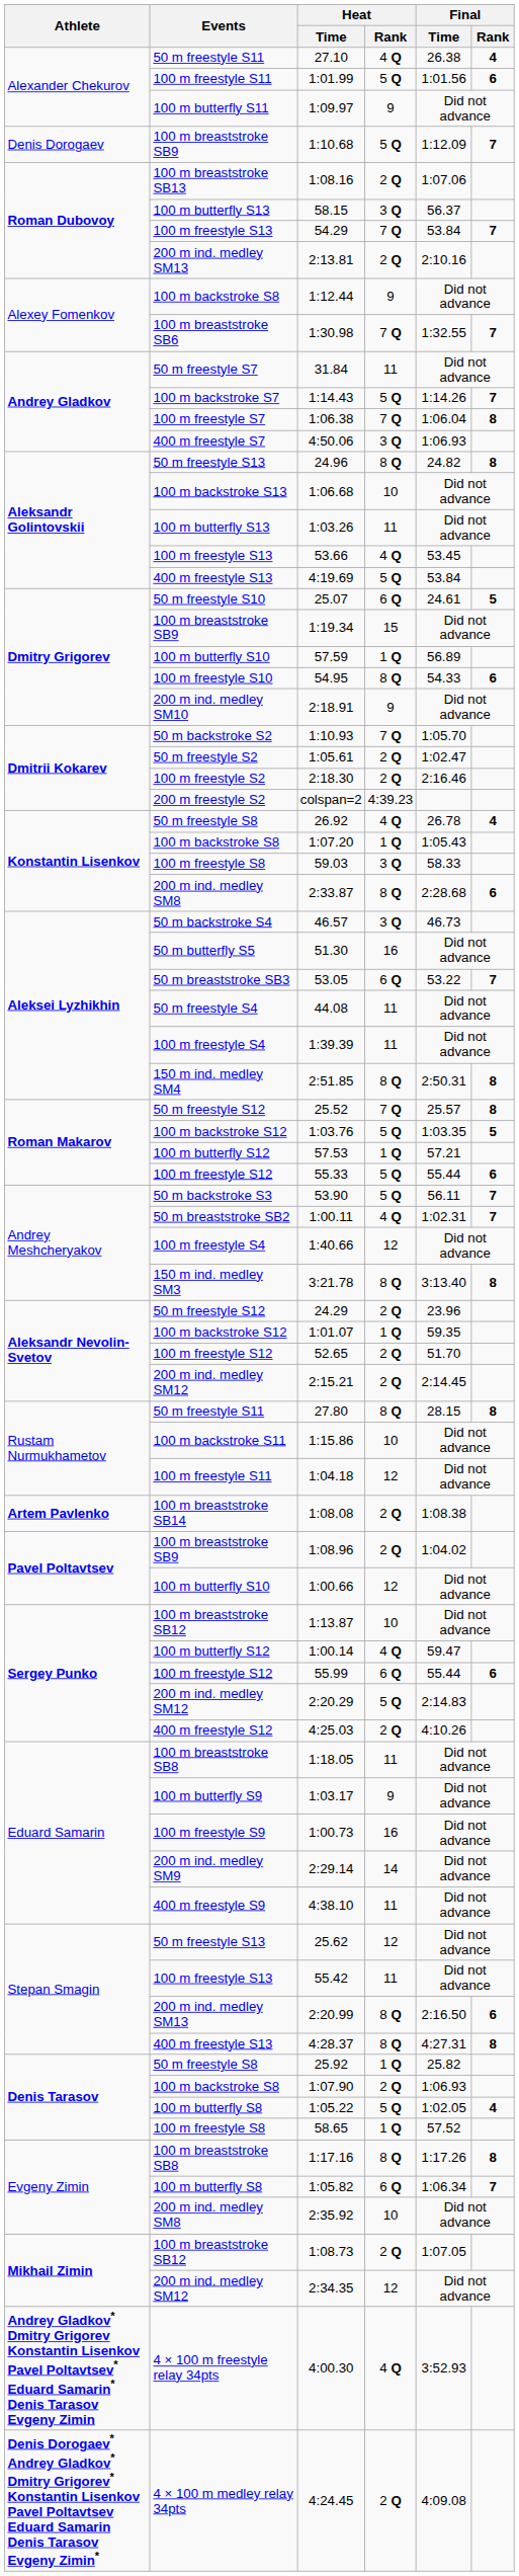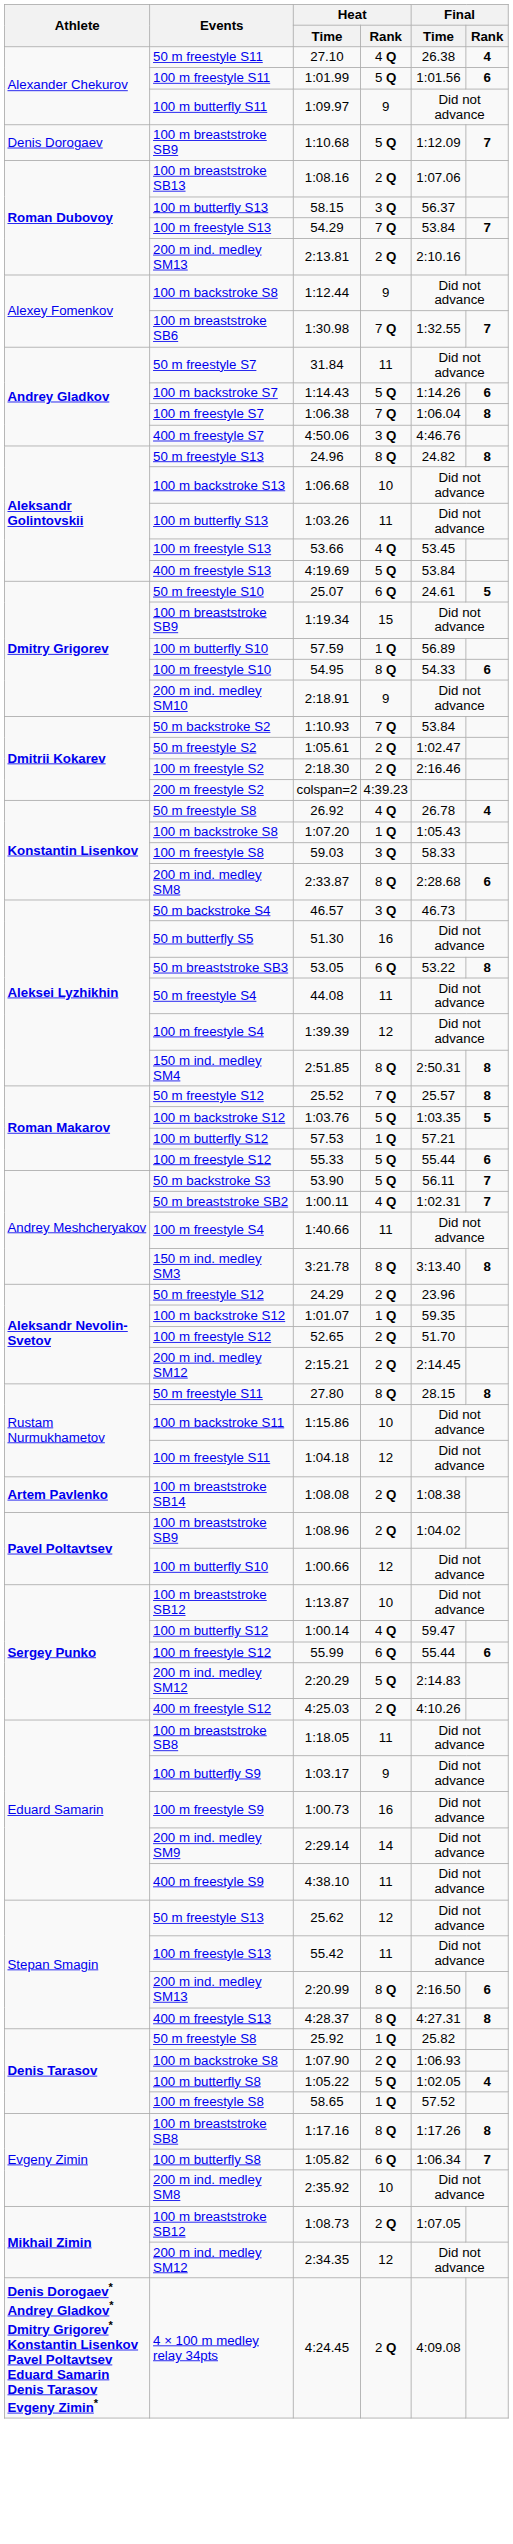 <table class=wikitable>
 <tr>
 <th rowspan="2">Athlete</th>
 <th rowspan="2">Events</th>
 <th colspan="2">Heat</th>
 <th colspan="2">Final</th>
 </tr>
 <tr>
 <th>Time</th>
 <th>Rank</th>
 <th>Time</th>
 <th>Rank</th>
 </tr>
 <tr>
 <td rowspan=3><a href='#'>Alexander Chekurov</a></td>
 <td><a href='#'>50 m freestyle S11</a></td>
 <td align="center">27.10</td>
 <td align="center">4 <strong>Q</strong></td>
 <td align="center">26.38</td>
 <td align="center"><strong>4</strong></td>
 </tr>
 <tr>
 <td><a href='#'>100 m freestyle S11</a></td>
 <td align="center">1:01.99</td>
 <td align="center">5 <strong>Q</strong></td>
 <td align="center">1:01.56</td>
 <td align="center"><strong>6</strong></td>
 </tr>
 <tr>
 <td><a href='#'>100 m butterfly S11</a></td>
 <td align="center">1:09.97</td>
 <td align="center">9</td>
 <td align="center" colspan=2>Did not advance</td>
 </tr>
 <tr>
 <td><a href='#'>Denis Dorogaev</a></td>
 <td><a href='#'>100 m breaststroke SB9</a></td>
 <td align="center">1:10.68</td>
 <td align="center">5 <strong>Q</strong></td>
 <td align="center">1:12.09</td>
 <td align="center"><strong>7</strong></td>
 </tr>
 <tr>
 <td rowspan=4><strong><a href='#'>Roman Dubovoy</a></strong></td>
 <td><a href='#'>100 m breaststroke SB13</a></td>
 <td align="center">1:08.16</td>
 <td align="center">2 <strong>Q</strong></td>
 <td align="center">1:07.06</td>
 <td align="center"></td>
 </tr>
 <tr>
 <td><a href='#'>100 m butterfly S13</a></td>
 <td align="center">58.15</td>
 <td align="center">3 <strong>Q</strong></td>
 <td align="center">56.37</td>
 <td align="center"></td>
 </tr>
 <tr>
 <td><a href='#'>100 m freestyle S13</a></td>
 <td align="center">54.29</td>
 <td align="center">7 <strong>Q</strong></td>
 <td align="center">53.84</td>
 <td align="center"><strong>7</strong></td>
 </tr>
 <tr>
 <td><a href='#'>200 m ind. medley SM13</a></td>
 <td align="center">2:13.81</td>
 <td align="center">2 <strong>Q</strong></td>
 <td align="center">2:10.16</td>
 <td align="center"></td>
 </tr>
 <tr>
 <td rowspan=2><a href='#'>Alexey Fomenkov</a></td>
 <td><a href='#'>100 m backstroke S8</a></td>
 <td align="center">1:12.44</td>
 <td align="center">9</td>
 <td align="center" colspan=2>Did not advance</td>
 </tr>
 <tr>
 <td><a href='#'>100 m breaststroke SB6</a></td>
 <td align="center">1:30.98</td>
 <td align="center">7 <strong>Q</strong></td>
 <td align="center">1:32.55</td>
 <td align="center"><strong>7</strong></td>
 </tr>
 <tr>
 <td rowspan=4><strong><a href='#'>Andrey Gladkov</a></strong></td>
 <td><a href='#'>50 m freestyle S7</a></td>
 <td align="center">31.84</td>
 <td align="center">11</td>
 <td align="center" colspan=2>Did not advance</td>
 </tr>
 <tr>
 <td><a href='#'>100 m backstroke S7</a></td>
 <td align="center">1:14.43</td>
 <td align="center">5 <strong>Q</strong></td>
 <td align="center">1:14.26</td>
-<td align="center"><strong>7</strong></td>
+<td align="center"><strong>6</strong></td>
 </tr>
 <tr>
 <td><a href='#'>100 m freestyle S7</a></td>
 <td align="center">1:06.38</td>
 <td align="center">7 <strong>Q</strong></td>
 <td align="center">1:06.04</td>
 <td align="center"><strong>8</strong></td>
 </tr>
 <tr>
 <td><a href='#'>400 m freestyle S7</a></td>
 <td align="center">4:50.06</td>
 <td align="center">3 <strong>Q</strong></td>
-<td align="center">1:06.93</td>
+<td align="center">4:46.76</td>
 <td align="center"></td>
 </tr>
 <tr>
 <td rowspan=5><strong><a href='#'>Aleksandr Golintovskii</a></strong></td>
 <td><a href='#'>50 m freestyle S13</a></td>
 <td align="center">24.96</td>
 <td align="center">8 <strong>Q</strong></td>
 <td align="center">24.82</td>
 <td align="center"><strong>8</strong></td>
 </tr>
 <tr>
 <td><a href='#'>100 m backstroke S13</a></td>
 <td align="center">1:06.68</td>
 <td align="center">10</td>
 <td align="center" colspan=2>Did not advance</td>
 </tr>
 <tr>
 <td><a href='#'>100 m butterfly S13</a></td>
 <td align="center">1:03.26</td>
 <td align="center">11</td>
 <td align="center" colspan=2>Did not advance</td>
 </tr>
 <tr>
 <td><a href='#'>100 m freestyle S13</a></td>
 <td align="center">53.66</td>
 <td align="center">4 <strong>Q</strong></td>
 <td align="center">53.45</td>
 <td align="center"></td>
 </tr>
 <tr>
 <td><a href='#'>400 m freestyle S13</a></td>
 <td align="center">4:19.69</td>
 <td align="center">5 <strong>Q</strong></td>
 <td align="center">53.84</td>
 <td align="center"></td>
 </tr>
 <tr>
 <td rowspan=5><strong><a href='#'>Dmitry Grigorev</a></strong></td>
 <td><a href='#'>50 m freestyle S10</a></td>
 <td align="center">25.07</td>
 <td align="center">6 <strong>Q</strong></td>
 <td align="center">24.61 <strong></strong></td>
 <td align="center"><strong>5</strong></td>
 </tr>
 <tr>
 <td><a href='#'>100 m breaststroke SB9</a></td>
 <td align="center">1:19.34</td>
 <td align="center">15</td>
 <td align="center" colspan=2>Did not advance</td>
 </tr>
 <tr>
 <td><a href='#'>100 m butterfly S10</a></td>
 <td align="center">57.59 <strong></strong></td>
 <td align="center">1 <strong>Q</strong></td>
 <td align="center">56.89 <strong></strong></td>
 <td align="center"></td>
 </tr>
 <tr>
 <td><a href='#'>100 m freestyle S10</a></td>
 <td align="center">54.95</td>
 <td align="center">8 <strong>Q</strong></td>
 <td align="center">54.33 <strong></strong></td>
 <td align="center"><strong>6</strong></td>
 </tr>
 <tr>
 <td><a href='#'>200 m ind. medley SM10</a></td>
 <td align="center">2:18.91</td>
 <td align="center">9</td>
 <td align="center" colspan=2>Did not advance</td>
 </tr>
 <tr>
 <td rowspan=4><strong><a href='#'>Dmitrii Kokarev</a></strong></td>
 <td><a href='#'>50 m backstroke S2</a></td>
 <td align="center">1:10.93</td>
 <td align="center">7 <strong>Q</strong></td>
-<td align="center">1:05.70</td>
+<td align="center">53.84</td>
 <td align="center"></td>
 </tr>
 <tr>
 <td><a href='#'>50 m freestyle S2</a></td>
 <td align="center">1:05.61</td>
 <td align="center">2 <strong>Q</strong></td>
 <td align="center">1:02.47</td>
 <td align="center"></td>
 </tr>
 <tr>
 <td><a href='#'>100 m freestyle S2</a></td>
 <td align="center">2:18.30</td>
 <td align="center">2 <strong>Q</strong></td>
 <td align="center">2:16.46</td>
 <td align="center"></td>
 </tr>
 <tr>
 <td><a href='#'>200 m freestyle S2</a></td>
 <td>colspan=2 </td>
 <td align="center">4:39.23</td>
 <td align="center"></td>
 </tr>
 <tr>
 <td rowspan=4><strong><a href='#'>Konstantin Lisenkov</a></strong></td>
 <td><a href='#'>50 m freestyle S8</a></td>
 <td align="center">26.92</td>
 <td align="center">4 <strong>Q</strong></td>
 <td align="center">26.78</td>
 <td align="center"><strong>4</strong></td>
 </tr>
 <tr>
 <td><a href='#'>100 m backstroke S8</a></td>
 <td align="center">1:07.20</td>
 <td align="center">1 <strong>Q</strong></td>
 <td align="center">1:05.43 <strong></strong></td>
 <td align="center"></td>
 </tr>
 <tr>
 <td><a href='#'>100 m freestyle S8</a></td>
 <td align="center">59.03</td>
 <td align="center">3 <strong>Q</strong></td>
 <td align="center">58.33</td>
 <td align="center"></td>
 </tr>
 <tr>
 <td><a href='#'>200 m ind. medley SM8</a></td>
 <td align="center">2:33.87</td>
 <td align="center">8 <strong>Q</strong></td>
 <td align="center">2:28.68</td>
 <td align="center"><strong>6</strong></td>
 </tr>
 <tr>
 <td rowspan=6><strong><a href='#'>Aleksei Lyzhikhin</a></strong></td>
 <td><a href='#'>50 m backstroke S4</a></td>
 <td align="center">46.57</td>
 <td align="center">3 <strong>Q</strong></td>
 <td align="center">46.73</td>
 <td align="center"></td>
 </tr>
 <tr>
 <td><a href='#'>50 m butterfly S5</a></td>
 <td align="center">51.30</td>
 <td align="center">16</td>
 <td align="center" colspan=2>Did not advance</td>
 </tr>
 <tr>
 <td><a href='#'>50 m breaststroke SB3</a></td>
 <td align="center">53.05</td>
 <td align="center">6 <strong>Q</strong></td>
 <td align="center">53.22</td>
-<td align="center"><strong>7</strong></td>
+<td align="center"><strong>8</strong></td>
 </tr>
 <tr>
 <td><a href='#'>50 m freestyle S4</a></td>
 <td align="center">44.08</td>
 <td align="center">11</td>
 <td align="center" colspan=2>Did not advance</td>
 </tr>
 <tr>
 <td><a href='#'>100 m freestyle S4</a></td>
 <td align="center">1:39.39</td>
-<td align="center">11</td>
+<td align="center">12</td>
 <td align="center" colspan=2>Did not advance</td>
 </tr>
 <tr>
 <td><a href='#'>150 m ind. medley SM4</a></td>
 <td align="center">2:51.85</td>
 <td align="center">8 <strong>Q</strong></td>
 <td align="center">2:50.31</td>
 <td align="center"><strong>8</strong></td>
 </tr>
 <tr>
 <td rowspan=4><strong><a href='#'>Roman Makarov</a></strong></td>
 <td><a href='#'>50 m freestyle S12</a></td>
 <td align="center">25.52</td>
 <td align="center">7 <strong>Q</strong></td>
 <td align="center">25.57</td>
 <td align="center"><strong>8</strong></td>
 </tr>
 <tr>
 <td><a href='#'>100 m backstroke S12</a></td>
 <td align="center">1:03.76</td>
 <td align="center">5 <strong>Q</strong></td>
 <td align="center">1:03.35</td>
 <td align="center"><strong>5</strong></td>
 </tr>
 <tr>
 <td><a href='#'>100 m butterfly S12</a></td>
 <td align="center">57.53</td>
 <td align="center">1 <strong>Q</strong></td>
 <td align="center">57.21</td>
 <td align="center"></td>
 </tr>
 <tr>
 <td><a href='#'>100 m freestyle S12</a></td>
 <td align="center">55.33</td>
 <td align="center">5 <strong>Q</strong></td>
 <td align="center">55.44</td>
 <td align="center"><strong>6</strong></td>
 </tr>
 <tr>
 <td rowspan=4><a href='#'>Andrey Meshcheryakov</a></td>
 <td><a href='#'>50 m backstroke S3</a></td>
 <td align="center">53.90</td>
 <td align="center">5 <strong>Q</strong></td>
 <td align="center">56.11</td>
 <td align="center"><strong>7</strong></td>
 </tr>
 <tr>
 <td><a href='#'>50 m breaststroke SB2</a></td>
 <td align="center">1:00.11</td>
 <td align="center">4 <strong>Q</strong></td>
 <td align="center">1:02.31</td>
 <td align="center"><strong>7</strong></td>
 </tr>
 <tr>
 <td><a href='#'>100 m freestyle S4</a></td>
 <td align="center">1:40.66</td>
-<td align="center">12</td>
+<td align="center">11</td>
 <td align="center" colspan=2>Did not advance</td>
 </tr>
 <tr>
 <td><a href='#'>150 m ind. medley SM3</a></td>
 <td align="center">3:21.78</td>
 <td align="center">8 <strong>Q</strong></td>
 <td align="center">3:13.40</td>
 <td align="center"><strong>8</strong></td>
 </tr>
 <tr>
 <td rowspan=4><strong><a href='#'>Aleksandr Nevolin-Svetov</a></strong></td>
 <td><a href='#'>50 m freestyle S12</a></td>
 <td align="center">24.29</td>
 <td align="center">2 <strong>Q</strong></td>
 <td align="center">23.96</td>
 <td align="center"></td>
 </tr>
 <tr>
 <td><a href='#'>100 m backstroke S12</a></td>
 <td align="center">1:01.07</td>
 <td align="center">1 <strong>Q</strong></td>
 <td align="center">59.35 <strong></strong></td>
 <td align="center"></td>
 </tr>
 <tr>
 <td><a href='#'>100 m freestyle S12</a></td>
 <td align="center">52.65</td>
 <td align="center">2 <strong>Q</strong></td>
 <td align="center">51.70</td>
 <td align="center"></td>
 </tr>
 <tr>
 <td><a href='#'>200 m ind. medley SM12</a></td>
 <td align="center">2:15.21</td>
 <td align="center">2 <strong>Q</strong></td>
 <td align="center">2:14.45</td>
 <td align="center"></td>
 </tr>
 <tr>
 <td rowspan=3><a href='#'>Rustam Nurmukhametov</a></td>
 <td><a href='#'>50 m freestyle S11</a></td>
 <td align="center">27.80</td>
 <td align="center">8 <strong>Q</strong></td>
 <td align="center">28.15</td>
 <td align="center"><strong>8</strong></td>
 </tr>
 <tr>
 <td><a href='#'>100 m backstroke S11</a></td>
 <td align="center">1:15.86</td>
 <td align="center">10</td>
 <td align="center" colspan=2>Did not advance</td>
 </tr>
 <tr>
 <td><a href='#'>100 m freestyle S11</a></td>
 <td align="center">1:04.18</td>
 <td align="center">12</td>
 <td align="center" colspan=2>Did not advance</td>
 </tr>
 <tr>
 <td><strong><a href='#'>Artem Pavlenko</a></strong></td>
 <td><a href='#'>100 m breaststroke SB14</a></td>
 <td align="center">1:08.08 <strong></strong></td>
 <td align="center">2 <strong>Q</strong></td>
 <td align="center">1:08.38</td>
 <td align="center"></td>
 </tr>
 <tr>
 <td rowspan=2><strong><a href='#'>Pavel Poltavtsev</a></strong></td>
 <td><a href='#'>100 m breaststroke SB9</a></td>
 <td align="center">1:08.96</td>
 <td align="center">2 <strong>Q</strong></td>
 <td align="center">1:04.02 <strong></strong></td>
 <td align="center"></td>
 </tr>
 <tr>
 <td><a href='#'>100 m butterfly S10</a></td>
 <td align="center">1:00.66</td>
 <td align="center">12</td>
 <td align="center" colspan=2>Did not advance</td>
 </tr>
 <tr>
 <td rowspan=5><strong><a href='#'>Sergey Punko</a></strong></td>
 <td><a href='#'>100 m breaststroke SB12</a></td>
 <td align="center">1:13.87</td>
 <td align="center">10</td>
 <td align="center" colspan=2>Did not advance</td>
 </tr>
 <tr>
 <td><a href='#'>100 m butterfly S12</a></td>
 <td align="center">1:00.14</td>
 <td align="center">4 <strong>Q</strong></td>
 <td align="center">59.47</td>
 <td align="center"></td>
 </tr>
 <tr>
 <td><a href='#'>100 m freestyle S12</a></td>
 <td align="center">55.99</td>
 <td align="center">6 <strong>Q</strong></td>
 <td align="center">55.44</td>
 <td align="center"><strong>6</strong></td>
 </tr>
 <tr>
 <td><a href='#'>200 m ind. medley SM12</a></td>
 <td align="center">2:20.29</td>
 <td align="center">5 <strong>Q</strong></td>
 <td align="center">2:14.83</td>
 <td align="center"></td>
 </tr>
 <tr>
 <td><a href='#'>400 m freestyle S12</a></td>
 <td align="center">4:25.03</td>
 <td align="center">2 <strong>Q</strong></td>
 <td align="center">4:10.26</td>
 <td align="center"></td>
 </tr>
 <tr>
 <td rowspan=5><a href='#'>Eduard Samarin</a></td>
 <td><a href='#'>100 m breaststroke SB8</a></td>
 <td align="center">1:18.05</td>
 <td align="center">11</td>
 <td align="center" colspan=2>Did not advance</td>
 </tr>
 <tr>
 <td><a href='#'>100 m butterfly S9</a></td>
 <td align="center">1:03.17</td>
 <td align="center">9</td>
 <td align="center" colspan=2>Did not advance</td>
 </tr>
 <tr>
 <td><a href='#'>100 m freestyle S9</a></td>
 <td align="center">1:00.73</td>
 <td align="center">16</td>
 <td align="center" colspan=2>Did not advance</td>
 </tr>
 <tr>
 <td><a href='#'>200 m ind. medley SM9</a></td>
 <td align="center">2:29.14</td>
 <td align="center">14</td>
 <td align="center" colspan=2>Did not advance</td>
 </tr>
 <tr>
 <td><a href='#'>400 m freestyle S9</a></td>
 <td align="center">4:38.10</td>
 <td align="center">11</td>
 <td align="center" colspan=2>Did not advance</td>
 </tr>
 <tr>
 <td rowspan=4><a href='#'>Stepan Smagin</a></td>
 <td><a href='#'>50 m freestyle S13</a></td>
 <td align="center">25.62</td>
 <td align="center">12</td>
 <td align="center" colspan=2>Did not advance</td>
 </tr>
 <tr>
 <td><a href='#'>100 m freestyle S13</a></td>
 <td align="center">55.42</td>
 <td align="center">11</td>
 <td align="center" colspan=2>Did not advance</td>
 </tr>
 <tr>
 <td><a href='#'>200 m ind. medley SM13</a></td>
 <td align="center">2:20.99</td>
 <td align="center">8 <strong>Q</strong></td>
 <td align="center">2:16.50</td>
 <td align="center"><strong>6</strong></td>
 </tr>
 <tr>
 <td><a href='#'>400 m freestyle S13</a></td>
 <td align="center">4:28.37</td>
 <td align="center">8 <strong>Q</strong></td>
 <td align="center">4:27.31</td>
 <td align="center"><strong>8</strong></td>
 </tr>
 <tr>
 <td rowspan=4><strong><a href='#'>Denis Tarasov</a></strong></td>
 <td><a href='#'>50 m freestyle S8</a></td>
 <td align="center">25.92 <strong></strong></td>
 <td align="center">1 <strong>Q</strong></td>
 <td align="center">25.82 <strong></strong></td>
 <td align="center"></td>
 </tr>
 <tr>
 <td><a href='#'>100 m backstroke S8</a></td>
 <td align="center">1:07.90</td>
 <td align="center">2 <strong>Q</strong></td>
 <td align="center">1:06.93</td>
 <td align="center"></td>
 </tr>
 <tr>
 <td><a href='#'>100 m butterfly S8</a></td>
 <td align="center">1:05.22</td>
 <td align="center">5 <strong>Q</strong></td>
 <td align="center">1:02.05</td>
 <td align="center"><strong>4</strong></td>
 </tr>
 <tr>
 <td><a href='#'>100 m freestyle S8</a></td>
 <td align="center">58.65</td>
 <td align="center">1 <strong>Q</strong></td>
 <td align="center">57.52 <strong></strong></td>
 <td align="center"></td>
 </tr>
 <tr>
 <td rowspan=3><a href='#'>Evgeny Zimin</a></td>
 <td><a href='#'>100 m breaststroke SB8</a></td>
 <td align="center">1:17.16</td>
 <td align="center">8 <strong>Q</strong></td>
 <td align="center">1:17.26</td>
 <td align="center"><strong>8</strong></td>
 </tr>
 <tr>
 <td><a href='#'>100 m butterfly S8</a></td>
 <td align="center">1:05.82</td>
 <td align="center">6 <strong>Q</strong></td>
 <td align="center">1:06.34</td>
 <td align="center"><strong>7</strong></td>
 </tr>
 <tr>
 <td><a href='#'>200 m ind. medley SM8</a></td>
 <td align="center">2:35.92</td>
 <td align="center">10</td>
 <td align="center" colspan=2>Did not advance</td>
 </tr>
 <tr>
 <td rowspan=2><strong><a href='#'>Mikhail Zimin</a></strong></td>
 <td><a href='#'>100 m breaststroke SB12</a></td>
 <td align="center">1:08.73</td>
 <td align="center">2 <strong>Q</strong></td>
 <td align="center">1:07.05 <strong></strong></td>
 <td align="center"></td>
 </tr>
 <tr>
 <td><a href='#'>200 m ind. medley SM12</a></td>
 <td align="center">2:34.35</td>
 <td align="center">12</td>
 <td align="center" colspan=2>Did not advance</td>
 </tr>
 <tr>
-<td><strong><a href='#'>Andrey Gladkov</a><sup>*</sup><br><a href='#'>Dmitry Grigorev</a><br><a href='#'>Konstantin Lisenkov</a><br><a href='#'>Pavel Poltavtsev</a><sup>*</sup><br><a href='#'>Eduard Samarin</a><sup>*</sup><br><a href='#'>Denis Tarasov</a><br><a href='#'>Evgeny Zimin</a></strong></td>
-<td><a href='#'>4 × 100 m freestyle relay 34pts</a></td>
-<td align="center">4:00.30</td>
-<td align="center">4 <strong>Q</strong></td>
-<td align="center">3:52.93</td>
-<td align="center"></td>
-</tr>
-<tr>
 <td><strong><a href='#'>Denis Dorogaev</a><sup>*</sup><br><a href='#'>Andrey Gladkov</a><sup>*</sup><br><a href='#'>Dmitry Grigorev</a><sup>*</sup><br><a href='#'>Konstantin Lisenkov</a><br><a href='#'>Pavel Poltavtsev</a><br><a href='#'>Eduard Samarin</a><br><a href='#'>Denis Tarasov</a><br><a href='#'>Evgeny Zimin</a><sup>*</sup></strong></td>
 <td><a href='#'>4 × 100 m medley relay 34pts</a></td>
 <td align="center">4:24.45</td>
 <td align="center">2 <strong>Q</strong></td>
 <td align="center">4:09.08 <strong></strong></td>
 <td align="center"></td>
 </tr>
 </table>
